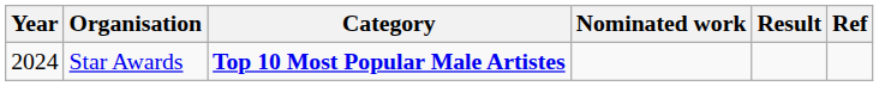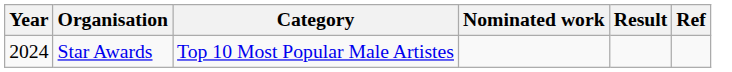 <table class="wikitable sortable">
 <tr>
 <th>Year</th>
 <th>Organisation</th>
 <th>Category</th>
 <th>Nominated work</th>
 <th>Result</th>
 <th class="unsortable">Ref</th>
 </tr>
 <tr>
 <td rowspan="3">2024</td>
 <td><a href='#'>Star Awards</a></td>
-<td><strong><a href='#'>Top 10 Most Popular Male Artistes</a></strong></td>
+<td><a href='#'>Top 10 Most Popular Male Artistes</a></td>
 <td></td>
 <td></td>
 <td></td>
 </tr>
 </table>
